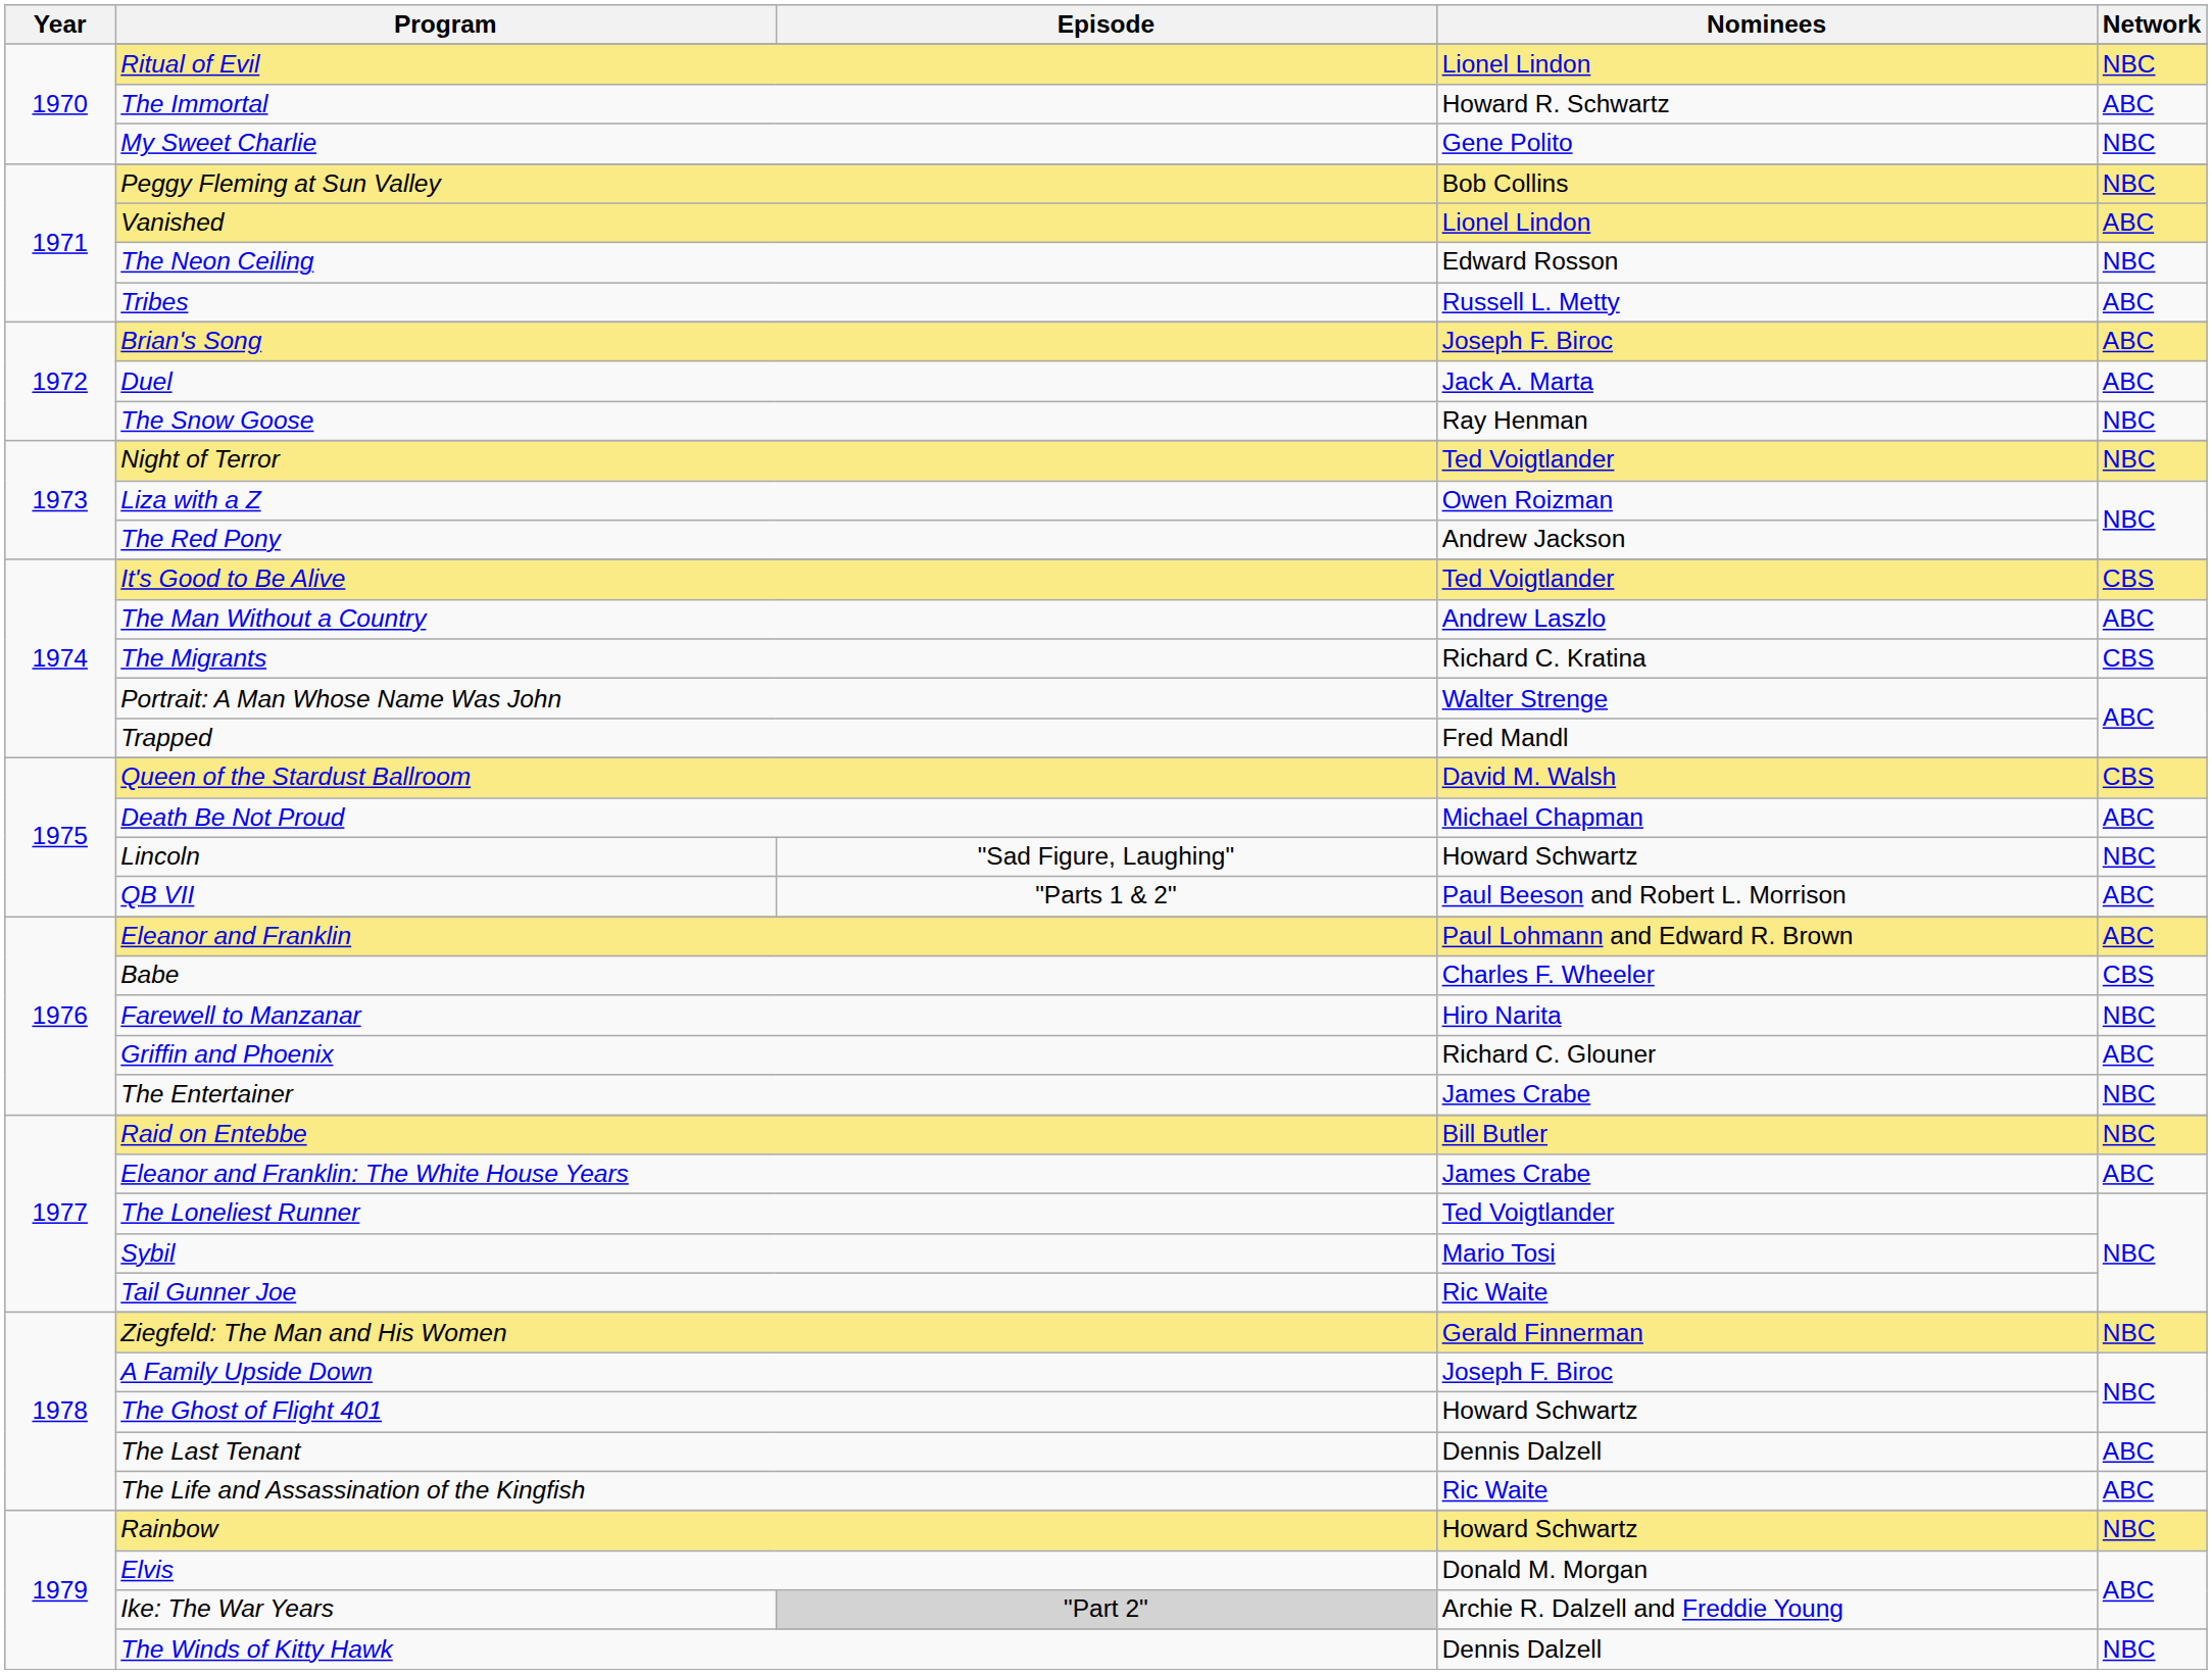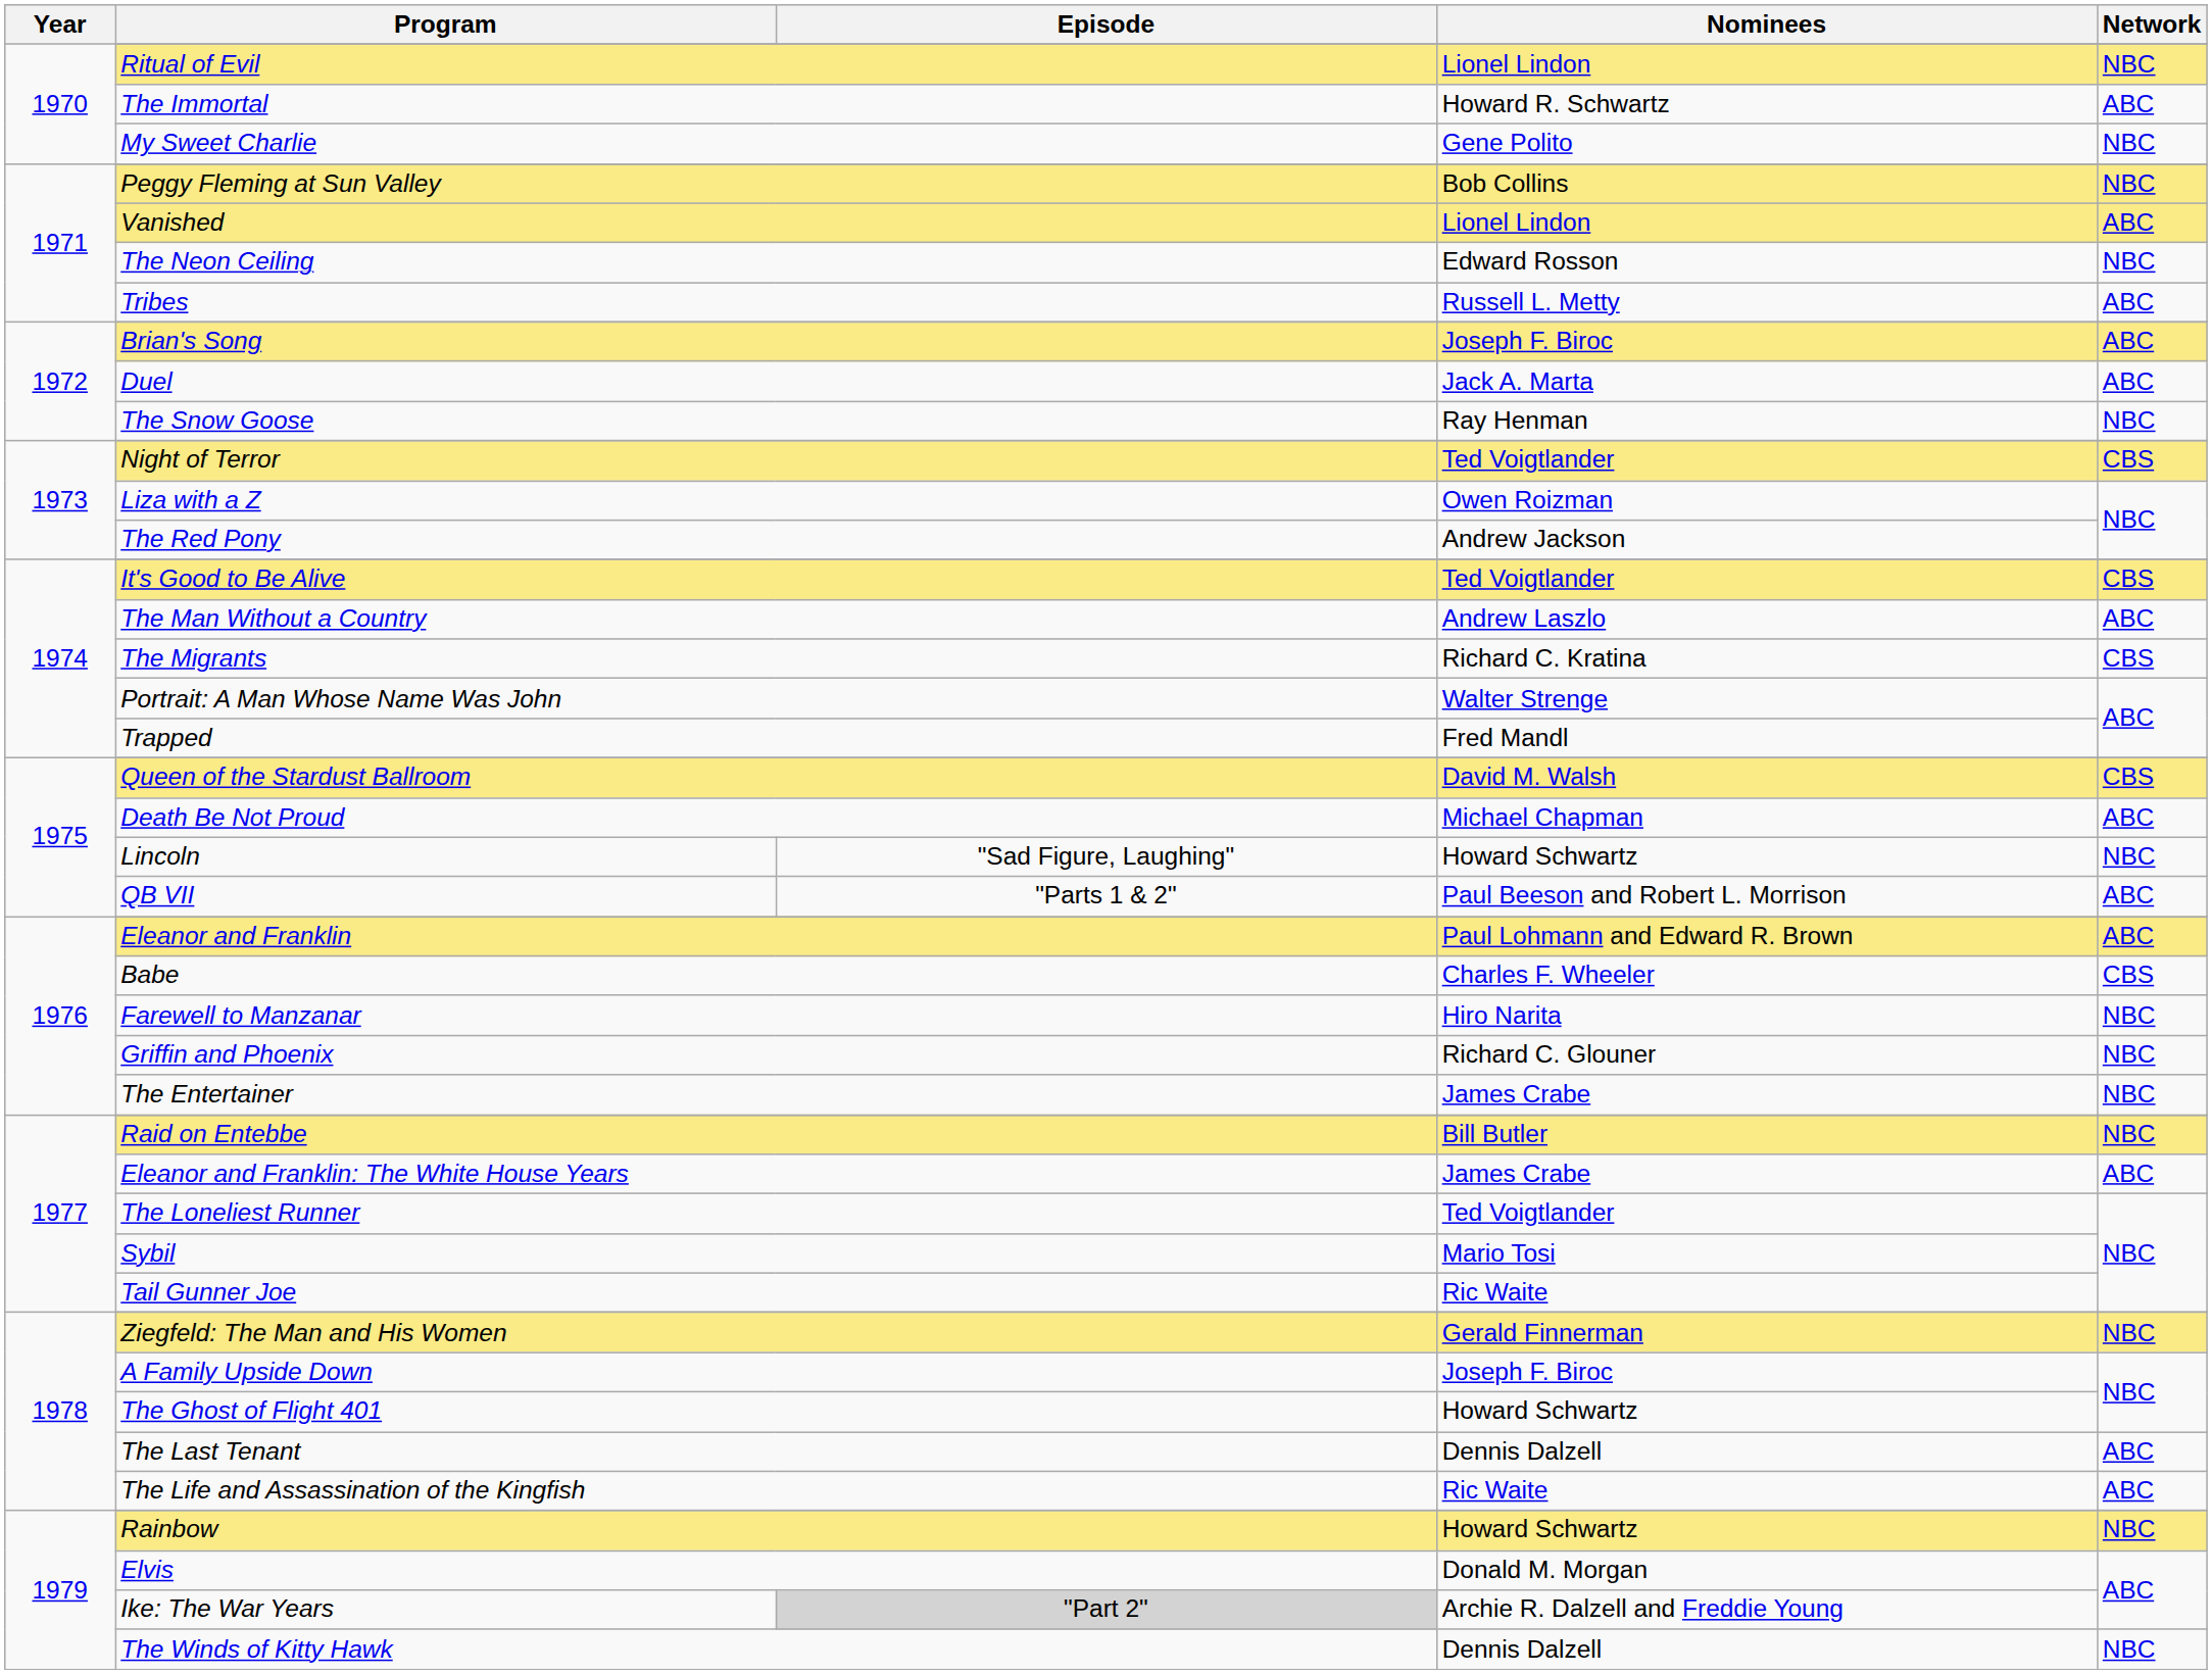 <table class="wikitable">
 <tr>
 <th width="5%">Year</th>
 <th width="30%">Program</th>
 <th width="30%">Episode</th>
 <th width="30%">Nominees</th>
 <th width="5%">Network</th>
 </tr>
 <tr>
 <td rowspan="4" style="text-align:center;"><a href='#'>1970</a><br></td>
 </tr>
 <tr style="background:#FAEB86;">
 <td colspan=2><em><a href='#'>Ritual of Evil</a></em></td>
 <td><a href='#'>Lionel Lindon</a></td>
 <td><a href='#'>NBC</a></td>
 </tr>
 <tr>
 <td colspan=2><em><a href='#'>The Immortal</a></em></td>
 <td>Howard R. Schwartz</td>
 <td><a href='#'>ABC</a></td>
 </tr>
 <tr>
 <td colspan=2><em><a href='#'>My Sweet Charlie</a></em></td>
 <td><a href='#'>Gene Polito</a></td>
 <td><a href='#'>NBC</a></td>
 </tr>
 <tr>
 <td rowspan="5" style="text-align:center;"><a href='#'>1971</a><br></td>
 </tr>
 <tr style="background:#FAEB86;">
 <td colspan=2><em>Peggy Fleming at Sun Valley</em></td>
 <td>Bob Collins</td>
 <td><a href='#'>NBC</a></td>
 </tr>
 <tr style="background:#FAEB86;">
 <td colspan=2><em>Vanished</em></td>
 <td><a href='#'>Lionel Lindon</a></td>
 <td><a href='#'>ABC</a></td>
 </tr>
 <tr>
 <td colspan=2><em><a href='#'>The Neon Ceiling</a></em></td>
 <td>Edward Rosson</td>
 <td><a href='#'>NBC</a></td>
 </tr>
 <tr>
 <td colspan=2><em><a href='#'>Tribes</a></em></td>
 <td><a href='#'>Russell L. Metty</a></td>
 <td><a href='#'>ABC</a></td>
 </tr>
 <tr>
 <td rowspan="4" style="text-align:center;"><a href='#'>1972</a><br></td>
 </tr>
 <tr style="background:#FAEB86;">
 <td colspan=2><em><a href='#'>Brian's Song</a></em></td>
 <td><a href='#'>Joseph F. Biroc</a></td>
 <td><a href='#'>ABC</a></td>
 </tr>
 <tr>
 <td colspan=2><em><a href='#'>Duel</a></em></td>
 <td><a href='#'>Jack A. Marta</a></td>
 <td><a href='#'>ABC</a></td>
 </tr>
 <tr>
 <td colspan=2><em><a href='#'>The Snow Goose</a></em></td>
 <td>Ray Henman</td>
 <td><a href='#'>NBC</a></td>
 </tr>
 <tr>
 <td rowspan="4" style="text-align:center;"><a href='#'>1973</a><br></td>
 </tr>
 <tr style="background:#FAEB86;">
 <td colspan=2><em>Night of Terror</em></td>
 <td><a href='#'>Ted Voigtlander</a></td>
-<td><a href='#'>NBC</a></td>
+<td><a href='#'>CBS</a></td>
 </tr>
 <tr>
 <td colspan=2><em><a href='#'>Liza with a Z</a></em></td>
 <td><a href='#'>Owen Roizman</a></td>
 <td rowspan=2><a href='#'>NBC</a></td>
 </tr>
 <tr>
 <td colspan=2><em><a href='#'>The Red Pony</a></em></td>
 <td>Andrew Jackson</td>
 </tr>
 <tr>
 <td rowspan="6" style="text-align:center;"><a href='#'>1974</a><br></td>
 </tr>
 <tr style="background:#FAEB86;">
 <td colspan=2><em><a href='#'>It's Good to Be Alive</a></em></td>
 <td><a href='#'>Ted Voigtlander</a></td>
 <td><a href='#'>CBS</a></td>
 </tr>
 <tr>
 <td colspan=2><em><a href='#'>The Man Without a Country</a></em></td>
 <td><a href='#'>Andrew Laszlo</a></td>
 <td><a href='#'>ABC</a></td>
 </tr>
 <tr>
 <td colspan=2><em><a href='#'>The Migrants</a></em></td>
 <td>Richard C. Kratina</td>
 <td><a href='#'>CBS</a></td>
 </tr>
 <tr>
 <td colspan=2><em>Portrait: A Man Whose Name Was John</em></td>
 <td><a href='#'>Walter Strenge</a></td>
 <td rowspan=2><a href='#'>ABC</a></td>
 </tr>
 <tr>
 <td colspan=2><em>Trapped</em></td>
 <td>Fred Mandl</td>
 </tr>
 <tr>
 <td rowspan="5" style="text-align:center;"><a href='#'>1975</a><br></td>
 </tr>
 <tr style="background:#FAEB86;">
 <td colspan=2><em><a href='#'>Queen of the Stardust Ballroom</a></em></td>
 <td><a href='#'>David M. Walsh</a></td>
 <td><a href='#'>CBS</a></td>
 </tr>
 <tr>
 <td colspan=2><em><a href='#'>Death Be Not Proud</a></em></td>
 <td><a href='#'>Michael Chapman</a></td>
 <td><a href='#'>ABC</a></td>
 </tr>
 <tr>
 <td><em>Lincoln</em></td>
 <td align=center>"Sad Figure, Laughing"</td>
 <td>Howard Schwartz</td>
 <td><a href='#'>NBC</a></td>
 </tr>
 <tr>
 <td><em><a href='#'>QB VII</a></em></td>
 <td align=center>"Parts 1 & 2"</td>
 <td><a href='#'>Paul Beeson</a> and Robert L. Morrison</td>
 <td><a href='#'>ABC</a></td>
 </tr>
 <tr>
 <td rowspan="6" style="text-align:center;"><a href='#'>1976</a><br></td>
 </tr>
 <tr style="background:#FAEB86;">
 <td colspan=2><em><a href='#'>Eleanor and Franklin</a></em></td>
 <td><a href='#'>Paul Lohmann</a> and Edward R. Brown</td>
 <td><a href='#'>ABC</a></td>
 </tr>
 <tr>
 <td colspan=2><em>Babe</em></td>
 <td><a href='#'>Charles F. Wheeler</a></td>
 <td><a href='#'>CBS</a></td>
 </tr>
 <tr>
 <td colspan=2><em><a href='#'>Farewell to Manzanar</a></em></td>
 <td><a href='#'>Hiro Narita</a></td>
 <td><a href='#'>NBC</a></td>
 </tr>
 <tr>
 <td colspan=2><em><a href='#'>Griffin and Phoenix</a></em></td>
 <td>Richard C. Glouner</td>
-<td><a href='#'>ABC</a></td>
+<td><a href='#'>NBC</a></td>
 </tr>
 <tr>
 <td colspan=2><em>The Entertainer</em></td>
 <td><a href='#'>James Crabe</a></td>
 <td><a href='#'>NBC</a></td>
 </tr>
 <tr>
 <td rowspan="6" style="text-align:center;"><a href='#'>1977</a><br></td>
 </tr>
 <tr style="background:#FAEB86;">
 <td colspan=2><em><a href='#'>Raid on Entebbe</a></em></td>
 <td><a href='#'>Bill Butler</a></td>
 <td><a href='#'>NBC</a></td>
 </tr>
 <tr>
 <td colspan=2><em><a href='#'>Eleanor and Franklin: The White House Years</a></em></td>
 <td><a href='#'>James Crabe</a></td>
 <td><a href='#'>ABC</a></td>
 </tr>
 <tr>
 <td colspan=2><em><a href='#'>The Loneliest Runner</a></em></td>
 <td><a href='#'>Ted Voigtlander</a></td>
 <td rowspan=3><a href='#'>NBC</a></td>
 </tr>
 <tr>
 <td colspan=2><em><a href='#'>Sybil</a></em></td>
 <td><a href='#'>Mario Tosi</a></td>
 </tr>
 <tr>
 <td colspan=2><em><a href='#'>Tail Gunner Joe</a></em></td>
 <td><a href='#'>Ric Waite</a></td>
 </tr>
 <tr>
 <td rowspan="6" style="text-align:center;"><a href='#'>1978</a><br></td>
 </tr>
 <tr style="background:#FAEB86;">
 <td colspan=2><em>Ziegfeld: The Man and His Women</em></td>
 <td><a href='#'>Gerald Finnerman</a></td>
 <td><a href='#'>NBC</a></td>
 </tr>
 <tr>
 <td colspan=2><em><a href='#'>A Family Upside Down</a></em></td>
 <td><a href='#'>Joseph F. Biroc</a></td>
 <td rowspan=2><a href='#'>NBC</a></td>
 </tr>
 <tr>
 <td colspan=2><em><a href='#'>The Ghost of Flight 401</a></em></td>
 <td>Howard Schwartz</td>
 </tr>
 <tr>
 <td colspan=2><em>The Last Tenant</em></td>
 <td>Dennis Dalzell</td>
 <td><a href='#'>ABC</a></td>
 </tr>
 <tr>
 <td colspan=2><em>The Life and Assassination of the Kingfish</em></td>
 <td><a href='#'>Ric Waite</a></td>
 <td><a href='#'>ABC</a></td>
 </tr>
 <tr>
 <td rowspan="5" style="text-align:center;"><a href='#'>1979</a><br></td>
 </tr>
 <tr style="background:#FAEB86;">
 <td colspan=2><em>Rainbow</em></td>
 <td>Howard Schwartz</td>
 <td><a href='#'>NBC</a></td>
 </tr>
 <tr>
 <td colspan=2><em><a href='#'>Elvis</a></em></td>
 <td>Donald M. Morgan</td>
 <td rowspan=2><a href='#'>ABC</a></td>
 </tr>
 <tr>
 <td><em>Ike: The War Years</em></td>
 <td align=center style="background: lightgrey;">"Part 2"</td>
 <td>Archie R. Dalzell and <a href='#'>Freddie Young</a></td>
 </tr>
 <tr>
 <td colspan=2><em><a href='#'>The Winds of Kitty Hawk</a></em></td>
 <td>Dennis Dalzell</td>
 <td><a href='#'>NBC</a></td>
 </tr>
 <tr>
 </tr>
 </table>
